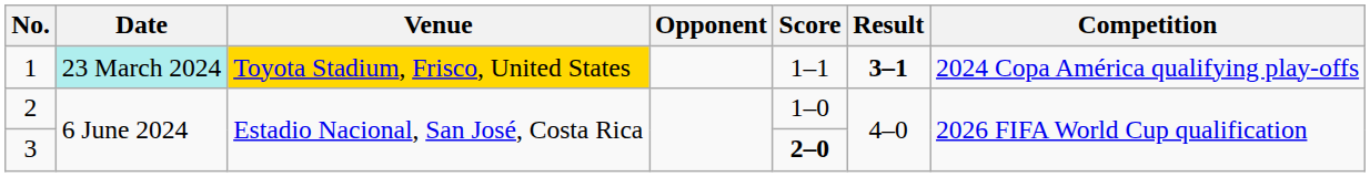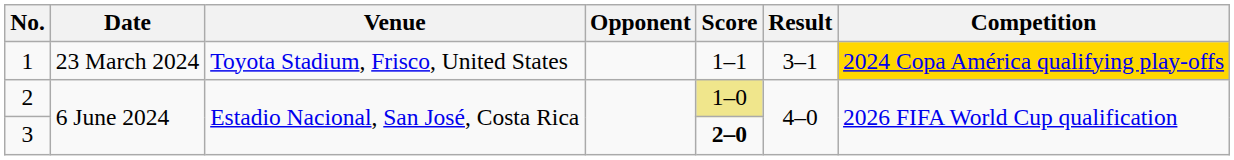 <table class="wikitable sortable">
 <tr>
 <th scope="col">No.</th>
 <th scope="col">Date</th>
 <th scope="col">Venue</th>
 <th scope="col">Opponent</th>
 <th scope="col">Score</th>
 <th scope="col">Result</th>
 <th scope="col">Competition</th>
 </tr>
 <tr>
 <td align="center">1</td>
-<td style="background: paleturquoise;">23 March 2024</td>
-<td style="background: gold;"><a href='#'>Toyota Stadium</a>, <a href='#'>Frisco</a>, United States</td>
+<td>23 March 2024</td>
+<td><a href='#'>Toyota Stadium</a>, <a href='#'>Frisco</a>, United States</td>
 <td></td>
 <td align=center>1–1</td>
-<td align=center><strong>3–1</strong></td>
-<td><a href='#'>2024 Copa América qualifying play-offs</a></td>
+<td align=center>3–1</td>
+<td style="background: gold;"><a href='#'>2024 Copa América qualifying play-offs</a></td>
 </tr>
 <tr>
 <td align="center">2</td>
 <td rowspan="2">6 June 2024</td>
 <td rowspan="2"><a href='#'>Estadio Nacional</a>, <a href='#'>San José</a>, Costa Rica</td>
 <td rowspan="2"></td>
-<td align=center>1–0</td>
+<td align=center style="background: khaki;">1–0</td>
 <td rowspan="2" align=center>4–0</td>
 <td rowspan="2"><a href='#'>2026 FIFA World Cup qualification</a></td>
 </tr>
 <tr>
 <td align="center">3</td>
 <td align=center><strong>2–0</strong></td>
 </tr>
 </table>
